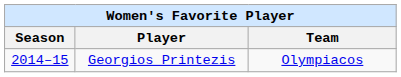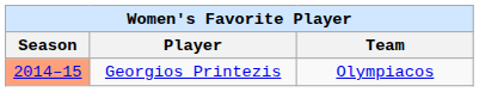 <table class="wikitable" style="text-align: center; width: 60%;">
 <tr>
 <td colspan=4 bgcolor="#D0E7FF"><strong>Women's Favorite Player</strong></td>
 </tr>
 <tr>
 <th width=5%>Season</th>
 <th width=25%>Player</th>
 <th width=20%>Team</th>
 </tr>
 <tr>
-<td><a href='#'>2014–15</a></td>
+<td style="background: lightsalmon;"><a href='#'>2014–15</a></td>
 <td> <a href='#'>Georgios Printezis</a></td>
 <td><a href='#'>Olympiacos</a></td>
 </tr>
 </table>
